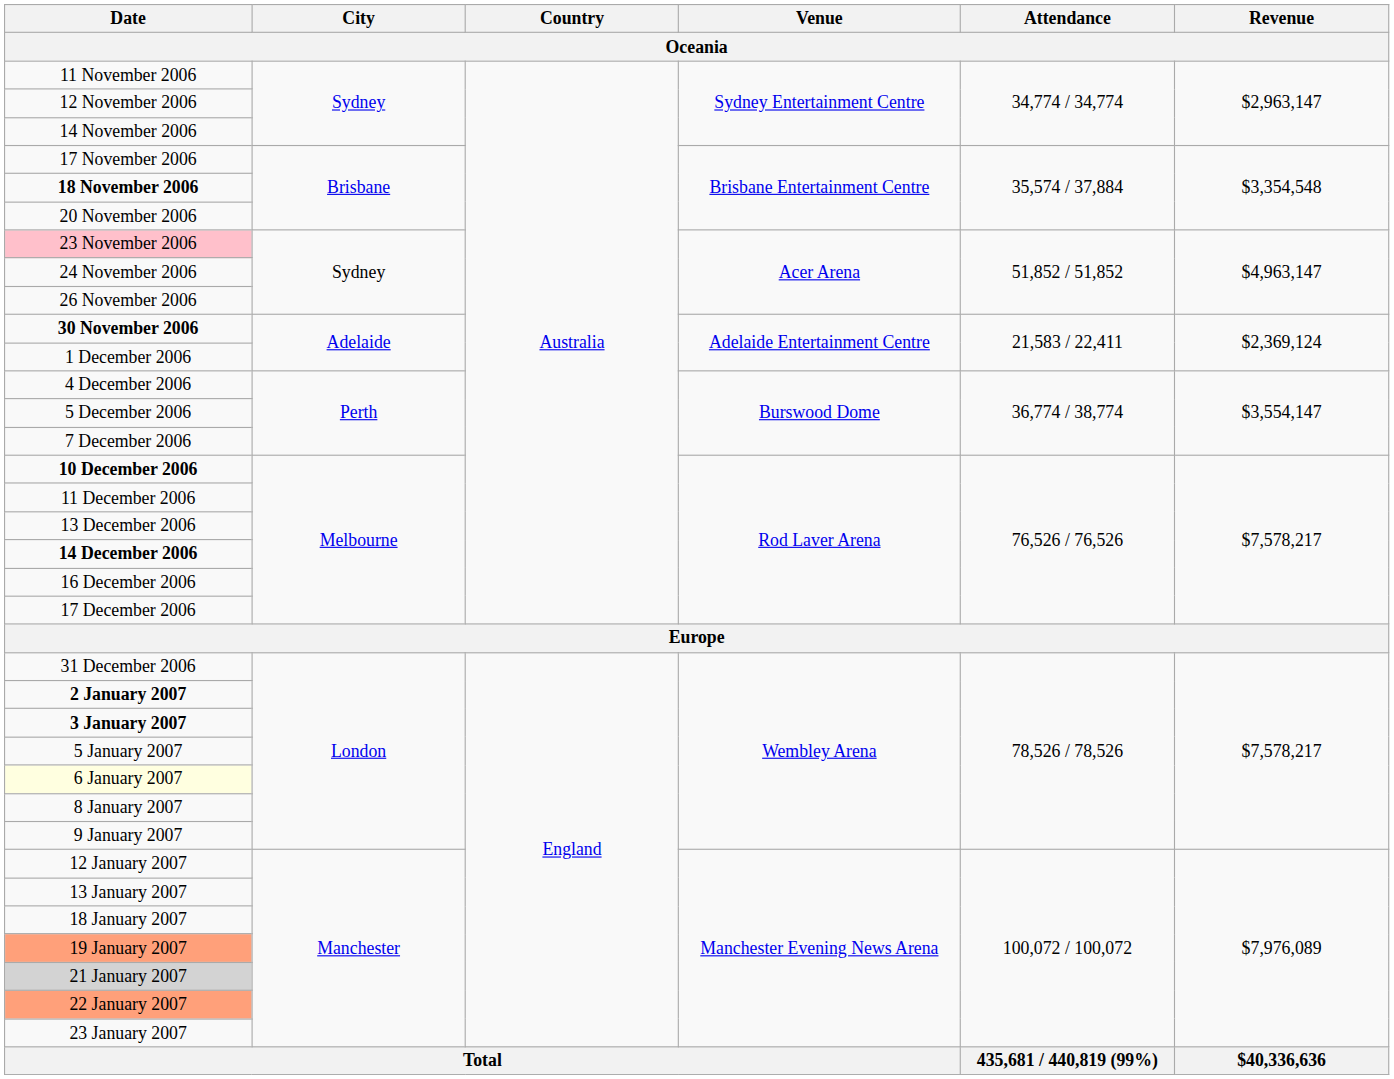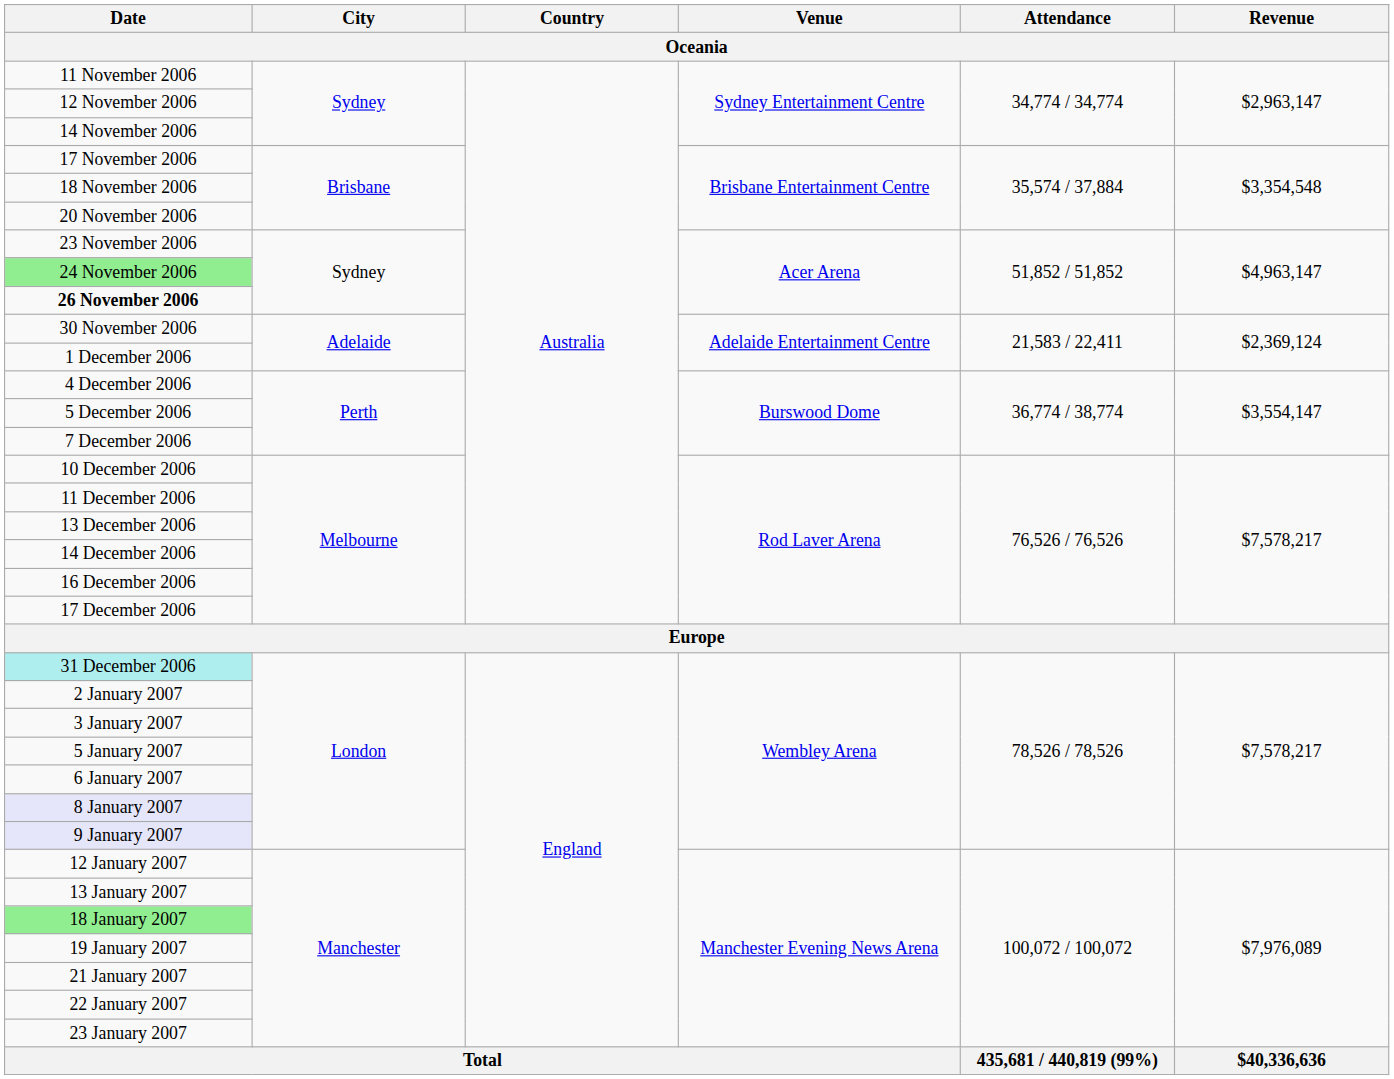 <table class="wikitable plainrowheaders" style="text-align:center;">
 <tr>
 <th scope="col" style="width:14em;">Date</th>
 <th scope="col" style="width:12em;">City</th>
 <th scope="col" style="width:12em;">Country</th>
 <th scope="col" style="width:16em;">Venue</th>
 <th scope="col" style="width:12em;">Attendance</th>
 <th scope="col" style="width:12em;">Revenue</th>
 </tr>
 <tr>
 <th colspan="6">Oceania</th>
 </tr>
 <tr>
 <td>11 November 2006</td>
 <td rowspan="3"><a href='#'>Sydney</a></td>
 <td rowspan="20"><a href='#'>Australia</a></td>
 <td rowspan="3"><a href='#'>Sydney Entertainment Centre</a></td>
 <td rowspan="3">34,774 / 34,774</td>
 <td rowspan="3">$2,963,147</td>
 </tr>
 <tr>
 <td>12 November 2006</td>
 </tr>
 <tr>
 <td>14 November 2006</td>
 </tr>
 <tr>
 <td>17 November 2006</td>
 <td rowspan="3"><a href='#'>Brisbane</a></td>
 <td rowspan="3"><a href='#'>Brisbane Entertainment Centre</a></td>
 <td rowspan="3">35,574 / 37,884</td>
 <td rowspan="3">$3,354,548</td>
 </tr>
 <tr>
-<td><strong>18 November 2006</strong></td>
+<td>18 November 2006</td>
 </tr>
 <tr>
 <td>20 November 2006</td>
 </tr>
 <tr>
-<td style="background: pink;">23 November 2006</td>
+<td>23 November 2006</td>
 <td rowspan="3">Sydney</td>
 <td rowspan="3"><a href='#'>Acer Arena</a></td>
 <td rowspan="3">51,852 / 51,852</td>
 <td rowspan="3">$4,963,147</td>
 </tr>
 <tr>
-<td>24 November 2006</td>
+<td style="background: lightgreen;">24 November 2006</td>
 </tr>
 <tr>
-<td>26 November 2006</td>
+<td><strong>26 November 2006</strong></td>
 </tr>
 <tr>
-<td><strong>30 November 2006</strong></td>
+<td>30 November 2006</td>
 <td rowspan="2"><a href='#'>Adelaide</a></td>
 <td rowspan="2"><a href='#'>Adelaide Entertainment Centre</a></td>
 <td rowspan="2">21,583 / 22,411</td>
 <td rowspan="2">$2,369,124</td>
 </tr>
 <tr>
 <td>1 December 2006</td>
 </tr>
 <tr>
 <td>4 December 2006</td>
 <td rowspan="3"><a href='#'>Perth</a></td>
 <td rowspan="3"><a href='#'>Burswood Dome</a></td>
 <td rowspan="3">36,774 / 38,774</td>
 <td rowspan="3">$3,554,147</td>
 </tr>
 <tr>
 <td>5 December 2006</td>
 </tr>
 <tr>
 <td>7 December 2006</td>
 </tr>
 <tr>
-<td><strong>10 December 2006</strong></td>
+<td>10 December 2006</td>
 <td rowspan="6"><a href='#'>Melbourne</a></td>
 <td rowspan="6"><a href='#'>Rod Laver Arena</a></td>
 <td rowspan="6">76,526 / 76,526</td>
 <td rowspan="6">$7,578,217</td>
 </tr>
 <tr>
 <td>11 December 2006</td>
 </tr>
 <tr>
 <td>13 December 2006</td>
 </tr>
 <tr>
-<td><strong>14 December 2006</strong></td>
+<td>14 December 2006</td>
 </tr>
 <tr>
 <td>16 December 2006</td>
 </tr>
 <tr>
 <td>17 December 2006</td>
 </tr>
 <tr>
 <th colspan="6">Europe</th>
 </tr>
 <tr>
-<td>31 December 2006</td>
+<td style="background: paleturquoise;">31 December 2006</td>
 <td rowspan="7"><a href='#'>London</a></td>
 <td rowspan="14"><a href='#'>England</a></td>
 <td rowspan="7"><a href='#'>Wembley Arena</a></td>
 <td rowspan="7">78,526 / 78,526</td>
 <td rowspan="7">$7,578,217</td>
 </tr>
 <tr>
-<td><strong>2 January 2007</strong></td>
+<td>2 January 2007</td>
 </tr>
 <tr>
-<td><strong>3 January 2007</strong></td>
+<td>3 January 2007</td>
 </tr>
 <tr>
 <td>5 January 2007</td>
 </tr>
 <tr>
-<td style="background: lightyellow;">6 January 2007</td>
+<td>6 January 2007</td>
 </tr>
 <tr>
-<td>8 January 2007</td>
+<td style="background: lavender;">8 January 2007</td>
 </tr>
 <tr>
-<td>9 January 2007</td>
+<td style="background: lavender;">9 January 2007</td>
 </tr>
 <tr>
 <td>12 January 2007</td>
 <td rowspan="7"><a href='#'>Manchester</a></td>
 <td rowspan="7"><a href='#'>Manchester Evening News Arena</a></td>
 <td rowspan="7">100,072 / 100,072</td>
 <td rowspan="7">$7,976,089</td>
 </tr>
 <tr>
 <td>13 January 2007</td>
 </tr>
 <tr>
-<td>18 January 2007</td>
+<td style="background: lightgreen;">18 January 2007</td>
 </tr>
 <tr>
-<td style="background: lightsalmon;">19 January 2007</td>
+<td>19 January 2007</td>
 </tr>
 <tr>
-<td style="background: lightgrey;">21 January 2007</td>
+<td>21 January 2007</td>
 </tr>
 <tr>
-<td style="background: lightsalmon;">22 January 2007</td>
+<td>22 January 2007</td>
 </tr>
 <tr>
 <td>23 January 2007</td>
 </tr>
 <tr>
 <th colspan="4">Total</th>
 <th><strong>435,681 / 440,819</strong> (99%)</th>
 <th><strong>$40,336,636</strong></th>
 </tr>
 </table>
